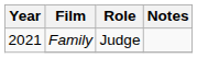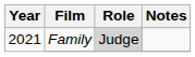 <table class="wikitable sortable">
 <tr>
 <th>Year</th>
 <th>Film</th>
 <th>Role</th>
 <th>Notes</th>
 </tr>
 <tr>
 <td rowspan="2">2021</td>
 <td><em>Family</em></td>
-<td>Judge</td>
+<td style="background: lightgrey;">Judge</td>
 <td></td>
 </tr>
 <tr>
 </tr>
 </table>
